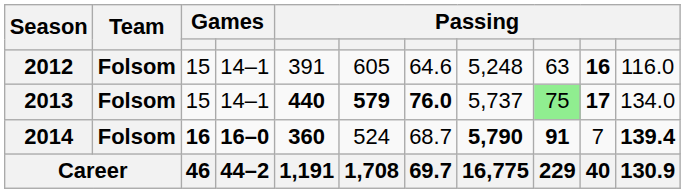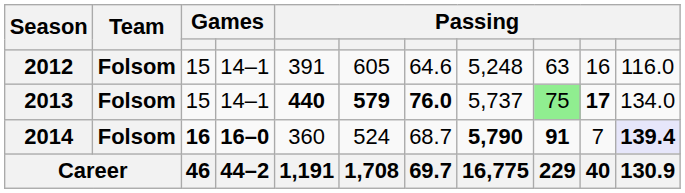 <table class=wikitable style="text-align:center;">
 <tr>
 <th rowspan="2">Season</th>
 <th rowspan="2">Team</th>
 <th colspan="2">Games</th>
 <th colspan="7">Passing</th>
 </tr>
 <tr>
 <th></th>
 <th></th>
 <th></th>
 <th></th>
 <th></th>
 <th></th>
 <th></th>
 <th></th>
 <th></th>
 </tr>
 <tr>
 <th>2012</th>
 <th>Folsom</th>
 <td>15</td>
 <td>14–1</td>
 <td>391</td>
 <td>605</td>
 <td>64.6</td>
 <td>5,248</td>
 <td>63</td>
-<td><strong>16</strong></td>
+<td>16</td>
 <td>116.0</td>
 </tr>
 <tr>
 <th>2013</th>
 <th>Folsom</th>
 <td>15</td>
 <td>14–1</td>
 <td><strong>440</strong></td>
 <td><strong>579</strong></td>
 <td><strong>76.0</strong></td>
 <td>5,737</td>
 <td style="background: lightgreen;">75</td>
 <td><strong>17</strong></td>
 <td>134.0</td>
 </tr>
 <tr>
 <th>2014</th>
 <th>Folsom</th>
 <td><strong>16</strong></td>
 <td><strong>16–0</strong></td>
-<td><strong>360</strong></td>
+<td>360</td>
 <td>524</td>
 <td>68.7</td>
 <td><strong>5,790</strong></td>
 <td><strong>91</strong></td>
 <td>7</td>
-<td><strong>139.4</strong></td>
+<td style="background: lavender;"><strong>139.4</strong></td>
 </tr>
 <tr>
 <th colspan="2">Career</th>
 <th>46</th>
 <th>44–2</th>
 <th>1,191</th>
 <th>1,708</th>
 <th>69.7</th>
 <th>16,775</th>
 <th>229</th>
 <th>40</th>
 <th>130.9</th>
 </tr>
 </table>
